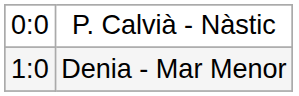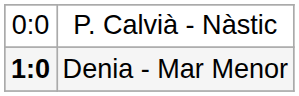 <table class="wikitable">
 <tr align=center bgcolor=white>
 <td>0:0</td>
 <td>P. Calvià - Nàstic</td>
 </tr>
 <tr align=center bgcolor=#F5F5F5>
-<td>1:0</td>
+<td><strong>1:0</strong></td>
 <td>Denia - Mar Menor</td>
 </tr>
 </table>
